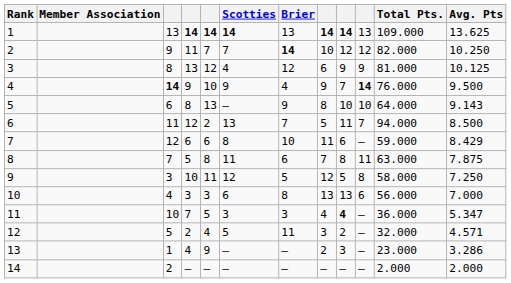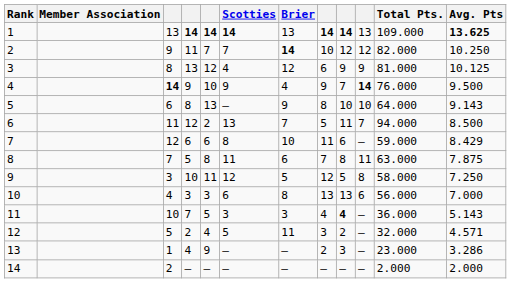 <table class="wikitable sortable">
 <tr>
 <th>Rank</th>
 <th>Member Association</th>
 <th></th>
 <th></th>
 <th></th>
 <th><a href='#'>Scotties</a></th>
 <th><a href='#'>Brier</a></th>
 <th></th>
 <th></th>
 <th></th>
 <th>Total Pts.</th>
 <th>Avg. Pts</th>
 </tr>
 <tr>
 <td>1</td>
 <td><strong></strong></td>
 <td>13</td>
 <td><strong>14</strong></td>
 <td><strong>14</strong></td>
 <td><strong>14</strong></td>
 <td>13</td>
 <td><strong>14</strong></td>
 <td><strong>14</strong></td>
 <td>13</td>
 <td>109.000</td>
-<td>13.625</td>
+<td><strong>13.625</strong></td>
 </tr>
 <tr>
 <td>2</td>
 <td></td>
 <td>9</td>
 <td>11</td>
 <td>7</td>
 <td>7</td>
 <td><strong>14</strong></td>
 <td>10</td>
 <td>12</td>
 <td>12</td>
 <td>82.000</td>
 <td>10.250</td>
 </tr>
 <tr>
 <td>3</td>
 <td></td>
 <td>8</td>
 <td>13</td>
 <td>12</td>
 <td>4</td>
 <td>12</td>
 <td>6</td>
 <td>9</td>
 <td>9</td>
 <td>81.000</td>
 <td>10.125</td>
 </tr>
 <tr>
 <td>4</td>
 <td></td>
 <td><strong>14</strong></td>
 <td>9</td>
 <td>10</td>
 <td>9</td>
 <td>4</td>
 <td>9</td>
 <td>7</td>
 <td><strong>14</strong></td>
 <td>76.000</td>
 <td>9.500</td>
 </tr>
 <tr>
 <td>5</td>
 <td></td>
 <td>6</td>
 <td>8</td>
 <td>13</td>
 <td>–</td>
 <td>9</td>
 <td>8</td>
 <td>10</td>
 <td>10</td>
 <td>64.000</td>
 <td>9.143</td>
 </tr>
 <tr>
 <td>6</td>
 <td></td>
 <td>11</td>
 <td>12</td>
 <td>2</td>
 <td>13</td>
 <td>7</td>
 <td>5</td>
 <td>11</td>
 <td>7</td>
 <td>94.000</td>
 <td>8.500</td>
 </tr>
 <tr>
 <td>7</td>
 <td></td>
 <td>12</td>
 <td>6</td>
 <td>6</td>
 <td>8</td>
 <td>10</td>
 <td>11</td>
 <td>6</td>
 <td>–</td>
 <td>59.000</td>
 <td>8.429</td>
 </tr>
 <tr>
 <td>8</td>
 <td></td>
 <td>7</td>
 <td>5</td>
 <td>8</td>
 <td>11</td>
 <td>6</td>
 <td>7</td>
 <td>8</td>
 <td>11</td>
 <td>63.000</td>
 <td>7.875</td>
 </tr>
 <tr>
 <td>9</td>
 <td></td>
 <td>3</td>
 <td>10</td>
 <td>11</td>
 <td>12</td>
 <td>5</td>
 <td>12</td>
 <td>5</td>
 <td>8</td>
 <td>58.000</td>
 <td>7.250</td>
 </tr>
 <tr>
 <td>10</td>
 <td></td>
 <td>4</td>
 <td>3</td>
 <td>3</td>
 <td>6</td>
 <td>8</td>
 <td>13</td>
 <td>13</td>
 <td>6</td>
 <td>56.000</td>
 <td>7.000</td>
 </tr>
 <tr>
 <td>11</td>
 <td></td>
 <td>10</td>
 <td>7</td>
 <td>5</td>
 <td>3</td>
 <td>3</td>
 <td>4</td>
 <td><strong>4</strong></td>
 <td>–</td>
 <td>36.000</td>
-<td>5.347</td>
+<td>5.143</td>
 </tr>
 <tr>
 <td>12</td>
 <td></td>
 <td>5</td>
 <td>2</td>
 <td>4</td>
 <td>5</td>
 <td>11</td>
 <td>3</td>
 <td>2</td>
 <td>–</td>
 <td>32.000</td>
 <td>4.571</td>
 </tr>
 <tr>
 <td>13</td>
 <td></td>
 <td>1</td>
 <td>4</td>
 <td>9</td>
 <td>–</td>
 <td>–</td>
 <td>2</td>
 <td>3</td>
 <td>–</td>
 <td>23.000</td>
 <td>3.286</td>
 </tr>
 <tr>
 <td>14</td>
 <td></td>
 <td>2</td>
 <td>–</td>
 <td>–</td>
 <td>–</td>
 <td>–</td>
 <td>–</td>
 <td>–</td>
 <td>–</td>
 <td>2.000</td>
 <td>2.000</td>
 </tr>
 </table>
